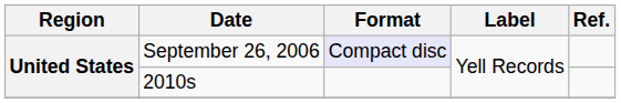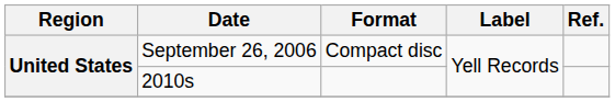 <table class="wikitable plainrowheaders">
 <tr>
 <th scope="col">Region</th>
 <th scope="col">Date</th>
 <th scope="col">Format</th>
 <th scope="col">Label</th>
 <th scope="col">Ref.</th>
 </tr>
 <tr>
 <th scope="row" rowspan="2">United States</th>
 <td>September 26, 2006</td>
-<td style="background: lavender;">Compact disc</td>
+<td>Compact disc</td>
 <td rowspan="2">Yell Records</td>
 <td></td>
 </tr>
 <tr>
 <td>2010s</td>
 <td></td>
 <td></td>
 </tr>
 <tr>
 </tr>
 </table>
